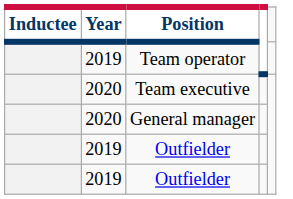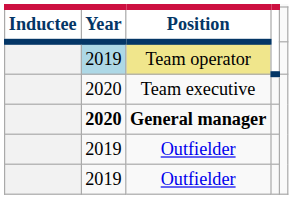 <table class="wikitable sortable plainrowheaders" style="font-size: 95%; text-align:center;">
 <tr>
 <th scope="col" style="background-color:#ffffff; border-top:#CD1041 5px solid; border-bottom:#043666 5px solid; color:#043666">Inductee</th>
 <th scope="col" style="background-color:#ffffff; border-top:#CD1041 5px solid; border-bottom:#043666 5px solid; color:#043666">Year</th>
 <th scope="col" style="background-color:#ffffff; border-top:#CD1041 5px solid; border-bottom:#043666 5px solid; color:#043666">Position</th>
 <th rowspan="2" class="unsortable" scope="col" style="background-color:#ffffff; border-top:#CD1041 5px solid; border-bottom:#043666 5px solid; color:#043666"></th>
 </tr>
 <tr>
 <th scope="row" style="text-align:center"></th>
-<td>2019</td>
-<td>Team operator</td>
+<td style="background: lightblue;">2019</td>
+<td style="background: khaki;">Team operator</td>
 <td></td>
 </tr>
 <tr>
 <th scope="row" style="text-align:center"></th>
 <td>2020</td>
 <td>Team executive</td>
 <td></td>
 </tr>
 <tr>
 <th scope="row" style="text-align:center"></th>
-<td>2020</td>
-<td>General manager</td>
+<td><strong>2020</strong></td>
+<td><strong>General manager</strong></td>
 <td></td>
 </tr>
 <tr>
 <th scope="row" style="text-align:center"></th>
 <td>2019</td>
 <td><a href='#'>Outfielder</a></td>
 <td></td>
 </tr>
 <tr>
 <th scope="row" style="text-align:center"></th>
 <td>2019</td>
 <td><a href='#'>Outfielder</a></td>
 <td></td>
 </tr>
 </table>
